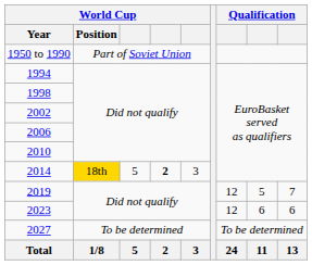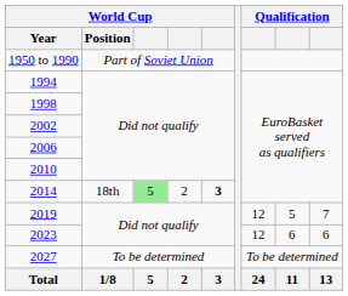 <table class="wikitable" style="text-align: center;font-size:90%;">
 <tr>
 <th colspan=5><a href='#'>World Cup</a></th>
 <th rowspan=13></th>
 <th colspan=3><a href='#'>Qualification</a></th>
 </tr>
 <tr>
 <th>Year</th>
 <th>Position</th>
 <th width=30></th>
 <th width=30></th>
 <th width=30></th>
 <th width=30></th>
 <th width=30></th>
 <th width=30></th>
 </tr>
 <tr>
 <td><a href='#'>1950</a> to <a href='#'>1990</a></td>
 <td colspan=4><em>Part of <a href='#'>Soviet Union</a></em></td>
 </tr>
 <tr>
 <td> <a href='#'>1994</a></td>
 <td colspan=4 rowspan=5><em>Did not qualify</em></td>
 <td colspan=3 rowspan=6><em>EuroBasket served<br>as qualifiers</em></td>
 </tr>
 <tr>
 <td> <a href='#'>1998</a></td>
 </tr>
 <tr>
 <td> <a href='#'>2002</a></td>
 </tr>
 <tr>
 <td> <a href='#'>2006</a></td>
 </tr>
 <tr>
 <td> <a href='#'>2010</a></td>
 </tr>
 <tr>
 <td> <a href='#'>2014</a></td>
-<td style="background: gold;">18th</td>
-<td>5</td>
-<td><strong>2</strong></td>
-<td>3</td>
+<td>18th</td>
+<td style="background: lightgreen;">5</td>
+<td>2</td>
+<td><strong>3</strong></td>
 </tr>
 <tr>
 <td> <a href='#'>2019</a></td>
 <td colspan=4 rowspan=2><em>Did not qualify</em></td>
 <td>12</td>
 <td>5</td>
 <td>7</td>
 </tr>
 <tr>
 <td> <a href='#'>2023</a></td>
 <td>12</td>
 <td>6</td>
 <td>6</td>
 </tr>
 <tr>
 <td> <a href='#'>2027</a></td>
 <td colspan=4><em>To be determined</em></td>
 <td colspan=3><em>To be determined</em></td>
 </tr>
 <tr>
 <th>Total</th>
 <th>1/8</th>
 <th>5</th>
 <th>2</th>
 <th>3</th>
 <th>24</th>
 <th>11</th>
 <th>13</th>
 </tr>
 </table>
